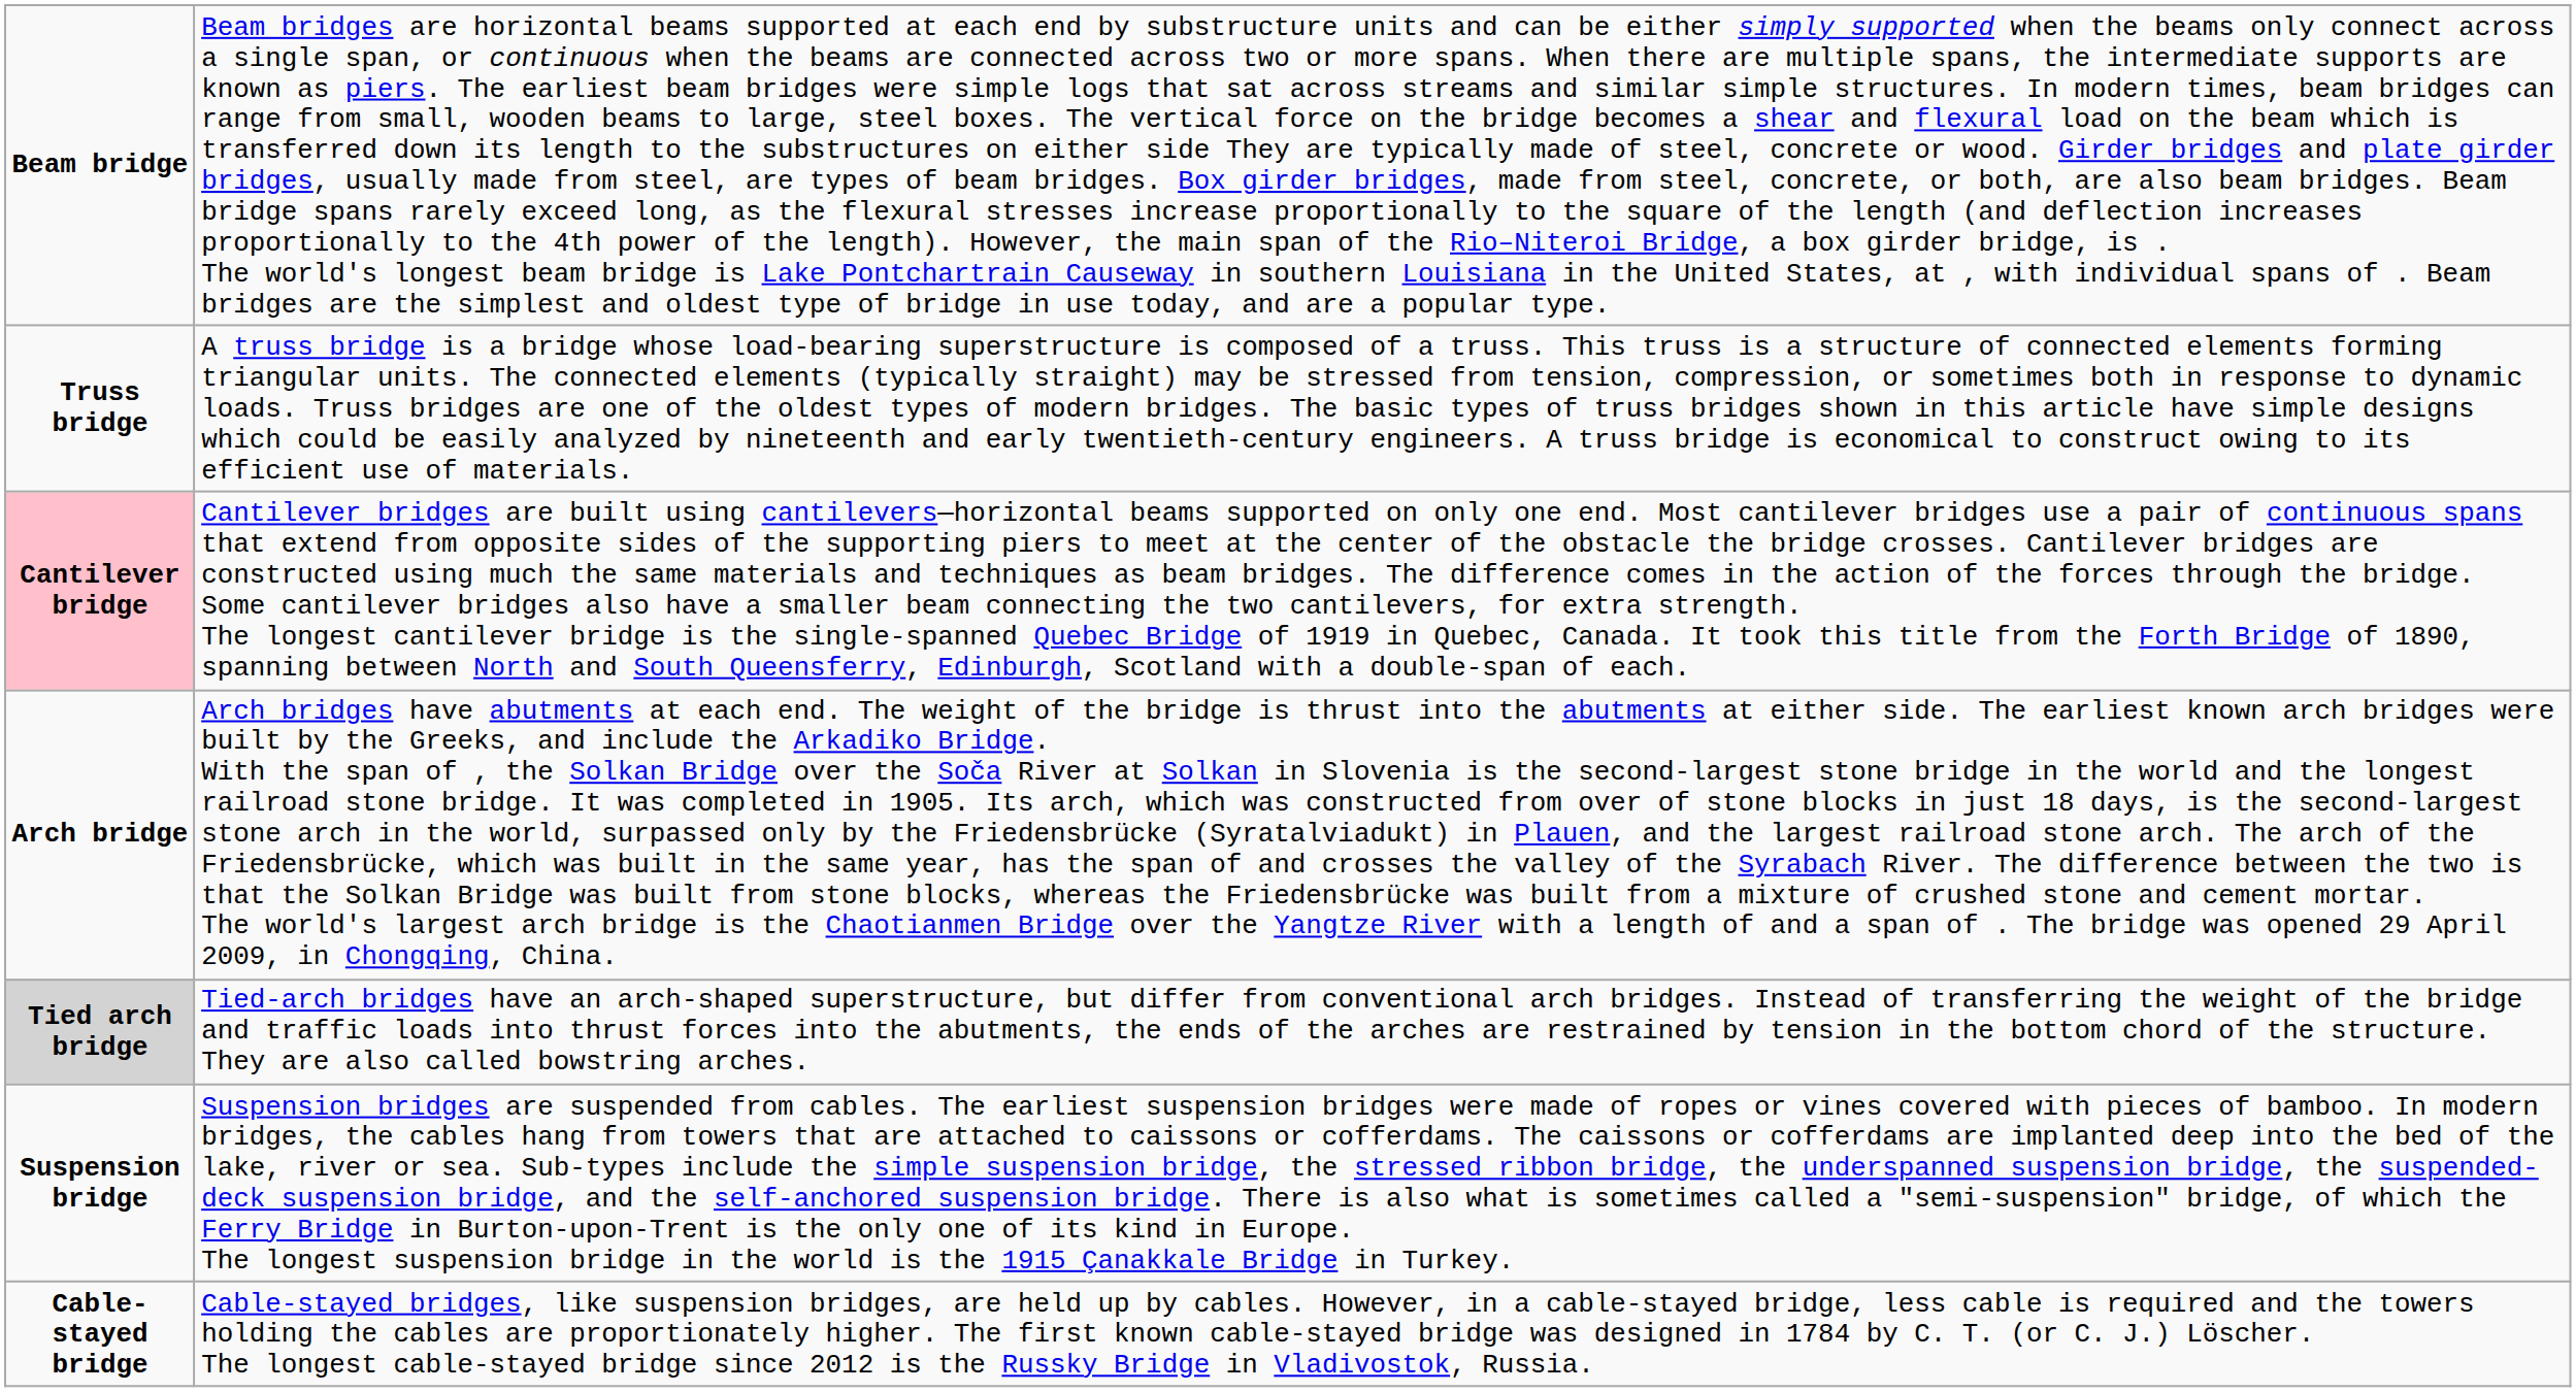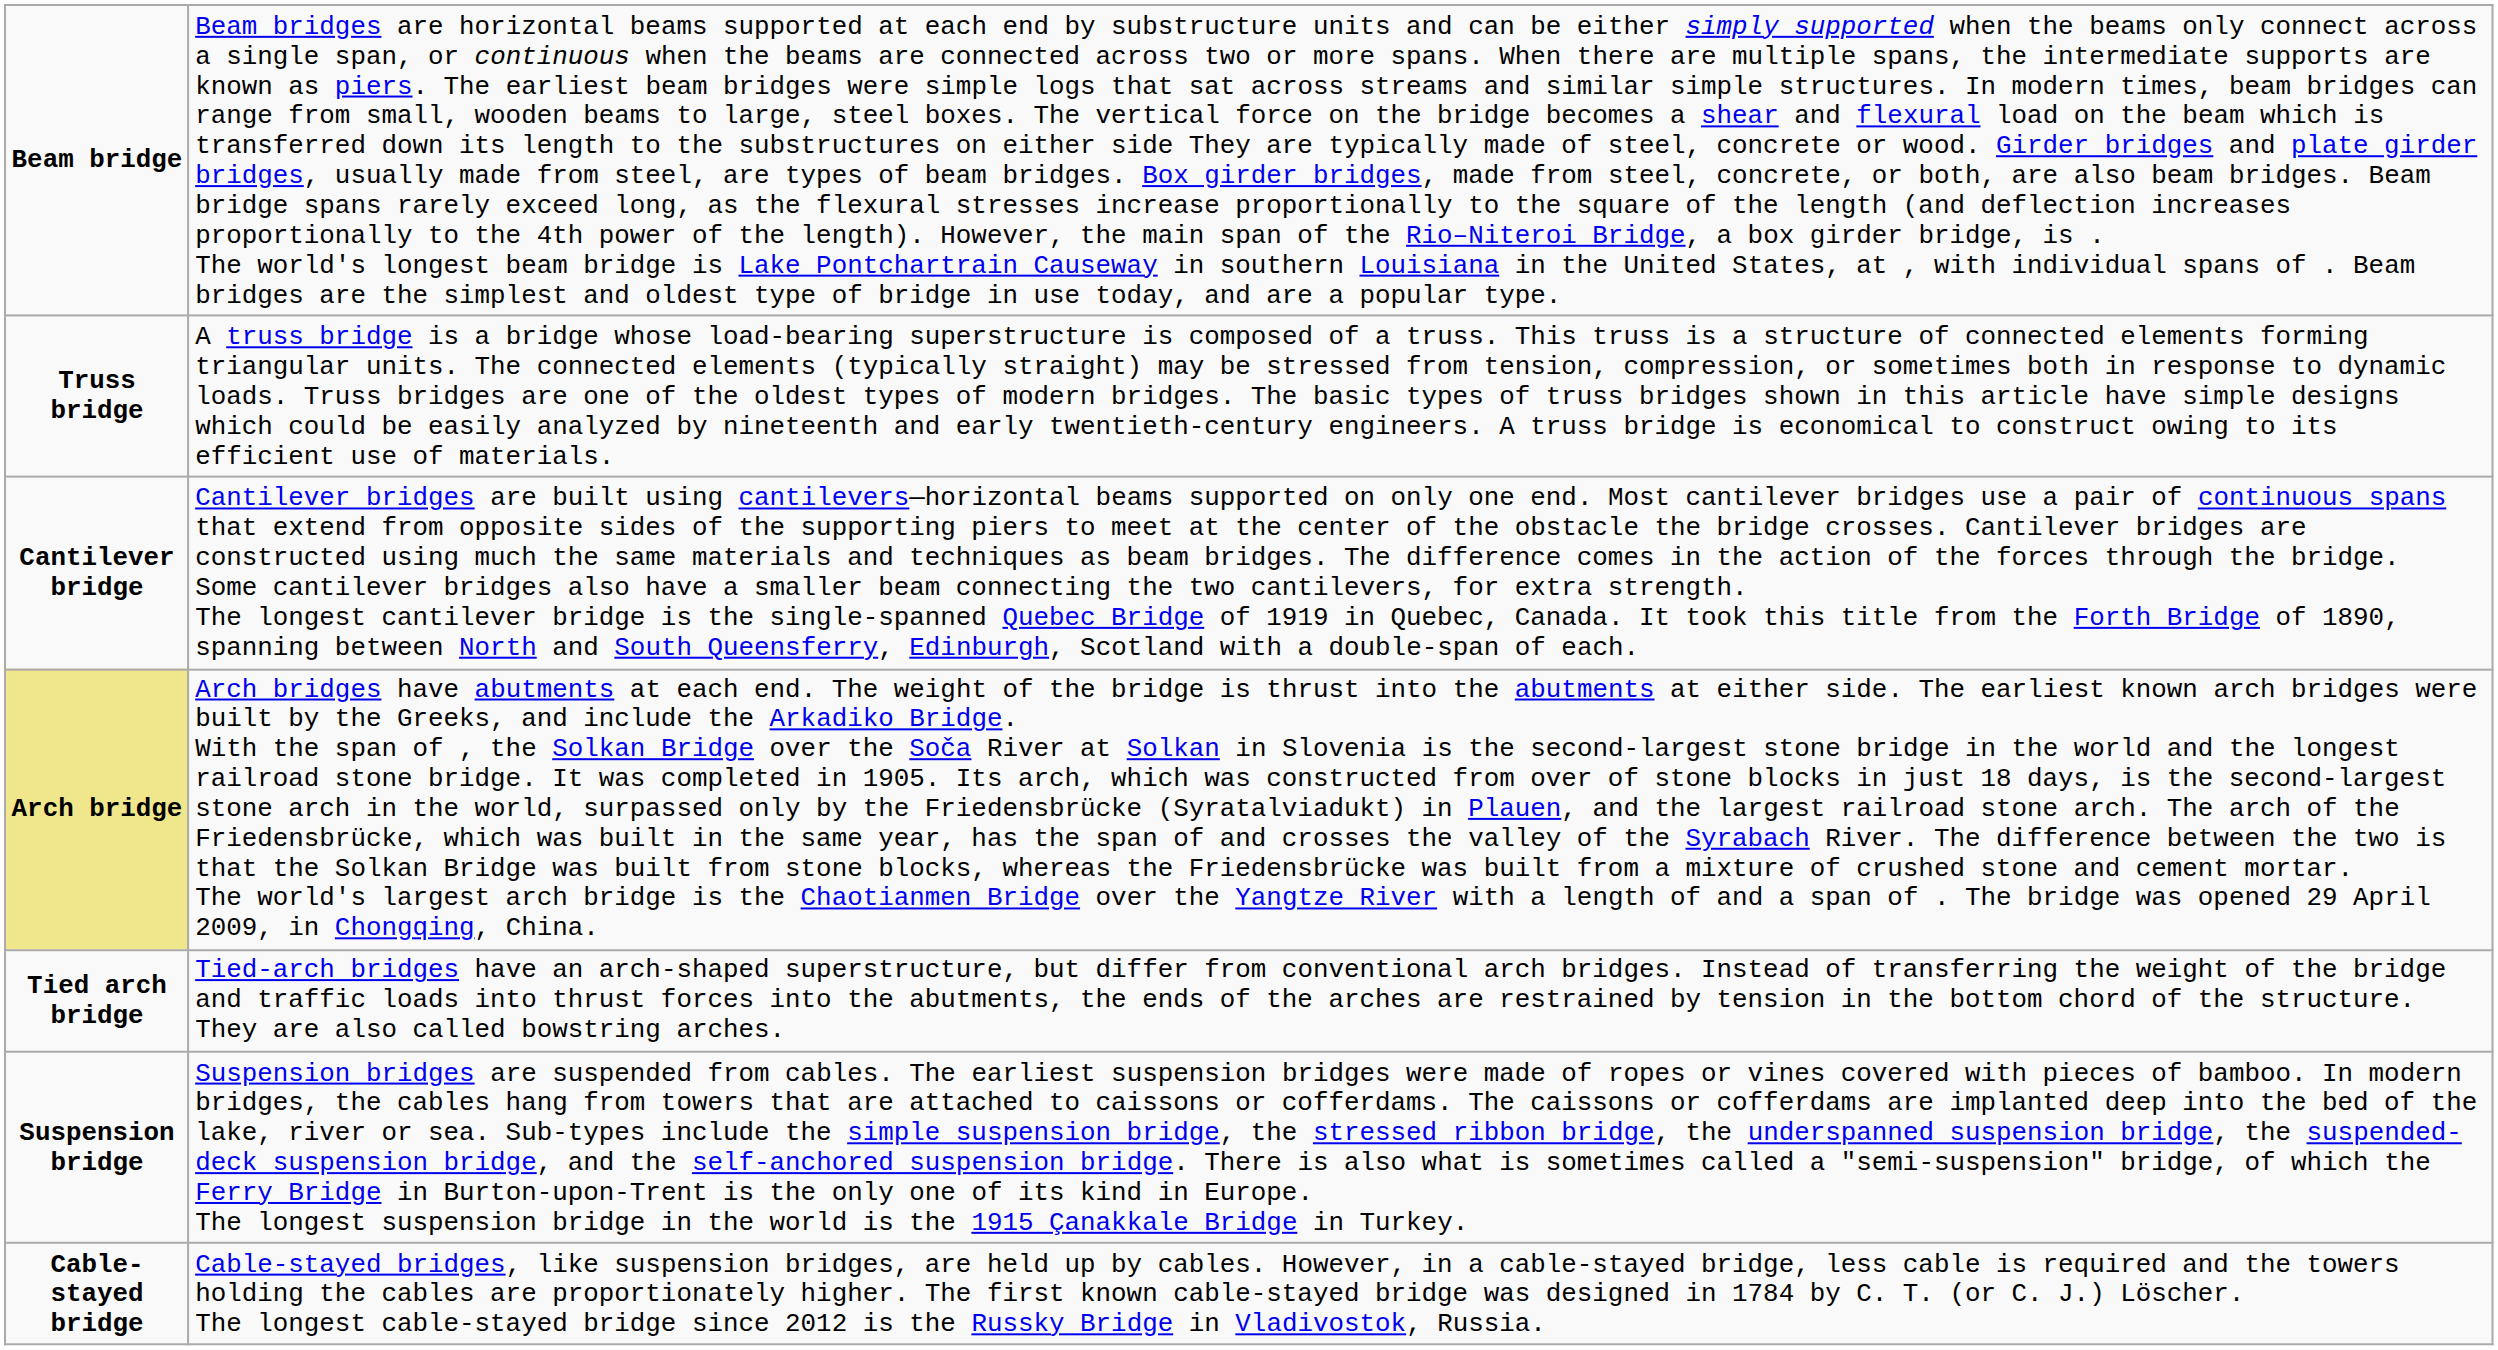 <table class="wikitable">
 <tr>
 <td style="text-align:center;"><strong>Beam bridge</strong></td>
 <td><a href='#'>Beam bridges</a> are horizontal beams supported at each end by substructure units and can be either <em><a href='#'>simply supported</a></em> when the beams only connect across a single span, or <em>continuous</em> when the beams are connected across two or more spans. When there are multiple spans, the intermediate supports are known as <a href='#'>piers</a>. The earliest beam bridges were simple logs that sat across streams and similar simple structures. In modern times, beam bridges can range from small, wooden beams to large, steel boxes. The vertical force on the bridge becomes a <a href='#'>shear</a> and <a href='#'>flexural</a> load on the beam which is transferred down its length to the substructures on either side They are typically made of steel, concrete or wood. <a href='#'>Girder bridges</a> and <a href='#'>plate girder bridges</a>, usually made from steel, are types of beam bridges. <a href='#'>Box girder bridges</a>, made from steel, concrete, or both, are also beam bridges. Beam bridge spans rarely exceed  long, as the flexural stresses increase proportionally to the square of the length (and deflection increases proportionally to the 4th power of the length). However, the main span of the <a href='#'>Rio–Niteroi Bridge</a>, a box girder bridge, is .<br>The world's longest beam bridge is <a href='#'>Lake Pontchartrain Causeway</a> in southern <a href='#'>Louisiana</a> in the United States, at , with individual spans of . Beam bridges are the simplest and oldest type of bridge in use today, and are a popular type.</td>
 </tr>
 <tr>
 <td style="text-align:center;"><strong>Truss bridge</strong></td>
 <td>A <a href='#'>truss bridge</a> is a bridge whose load-bearing superstructure is composed of a truss. This truss is a structure of connected elements forming triangular units. The connected elements (typically straight) may be stressed from tension, compression, or sometimes both in response to dynamic loads. Truss bridges are one of the oldest types of modern bridges. The basic types of truss bridges shown in this article have simple designs which could be easily analyzed by nineteenth and early twentieth-century engineers. A truss bridge is economical to construct owing to its efficient use of materials.</td>
 </tr>
 <tr>
-<td style="background: pink; text-align:center;"><strong>Cantilever bridge</strong></td>
+<td style="text-align:center;"><strong>Cantilever bridge</strong></td>
 <td><a href='#'>Cantilever bridges</a> are built using <a href='#'>cantilevers</a>—horizontal beams supported on only one end. Most cantilever bridges use a pair of <a href='#'>continuous spans</a> that extend from opposite sides of the supporting piers to meet at the center of the obstacle the bridge crosses. Cantilever bridges are constructed using much the same materials and techniques as beam bridges. The difference comes in the action of the forces through the bridge.<br>Some cantilever bridges also have a smaller beam connecting the two cantilevers, for extra strength.<br>The longest cantilever bridge is the single-spanned  <a href='#'>Quebec Bridge</a> of 1919 in Quebec, Canada. It took this title from the <a href='#'>Forth Bridge</a> of 1890, spanning between <a href='#'>North</a> and <a href='#'>South Queensferry</a>, <a href='#'>Edinburgh</a>, Scotland with a double-span of  each.</td>
 </tr>
 <tr>
-<td style="text-align:center;"><strong>Arch bridge</strong></td>
+<td style="background: khaki; text-align:center;"><strong>Arch bridge</strong></td>
 <td><a href='#'>Arch bridges</a> have <a href='#'>abutments</a> at each end. The weight of the bridge is thrust into the <a href='#'>abutments</a> at either side. The earliest known arch bridges were built by the Greeks, and include the <a href='#'>Arkadiko Bridge</a>.<br>With the span of , the <a href='#'>Solkan Bridge</a> over the <a href='#'>Soča</a> River at <a href='#'>Solkan</a> in Slovenia is the second-largest stone bridge in the world and the longest railroad stone bridge. It was completed in 1905. Its arch, which was constructed from over  of stone blocks in just 18 days, is the second-largest stone arch in the world, surpassed only by the Friedensbrücke (Syratalviadukt) in <a href='#'>Plauen</a>, and the largest railroad stone arch. The arch of the Friedensbrücke, which was built in the same year, has the span of  and crosses the valley of the <a href='#'>Syrabach</a> River. The difference between the two is that the Solkan Bridge was built from stone blocks, whereas the Friedensbrücke was built from a mixture of crushed stone and cement mortar.<br>The world's largest arch bridge is the <a href='#'>Chaotianmen Bridge</a> over the <a href='#'>Yangtze River</a> with a length of  and a span of . The bridge was opened 29 April 2009, in <a href='#'>Chongqing</a>, China.</td>
 </tr>
 <tr>
-<td style="background: lightgrey; text-align:center;"><strong>Tied arch bridge</strong></td>
+<td style="text-align:center;"><strong>Tied arch bridge</strong></td>
 <td><a href='#'>Tied-arch bridges</a> have an arch-shaped superstructure, but differ from conventional arch bridges. Instead of transferring the weight of the bridge and traffic loads into thrust forces into the abutments, the ends of the arches are restrained by tension in the bottom chord of the structure. They are also called bowstring arches.</td>
 </tr>
 <tr>
 <td style="text-align:center;"><strong>Suspension bridge</strong></td>
 <td><a href='#'>Suspension bridges</a> are suspended from cables. The earliest suspension bridges were made of ropes or vines covered with pieces of bamboo. In modern bridges, the cables hang from towers that are attached to caissons or cofferdams. The caissons or cofferdams are implanted deep into the bed of the lake, river or sea. Sub-types include the <a href='#'>simple suspension bridge</a>, the <a href='#'>stressed ribbon bridge</a>, the <a href='#'>underspanned suspension bridge</a>, the <a href='#'>suspended-deck suspension bridge</a>, and the <a href='#'>self-anchored suspension bridge</a>. There is also what is sometimes called a "semi-suspension" bridge, of which the <a href='#'>Ferry Bridge</a> in Burton-upon-Trent is the only one of its kind in Europe.<br>The longest suspension bridge in the world is the  <a href='#'>1915 Çanakkale Bridge</a> in Turkey.</td>
 </tr>
 <tr>
 <td style="text-align:center;"><strong>Cable-stayed bridge</strong></td>
 <td><a href='#'>Cable-stayed bridges</a>, like suspension bridges, are held up by cables. However, in a cable-stayed bridge, less cable is required and the towers holding the cables are proportionately higher. The first known cable-stayed bridge was designed in 1784 by C. T. (or C. J.) Löscher.<br>The longest cable-stayed bridge since 2012 is the  <a href='#'>Russky Bridge</a> in <a href='#'>Vladivostok</a>, Russia.</td>
 </tr>
 </table>
